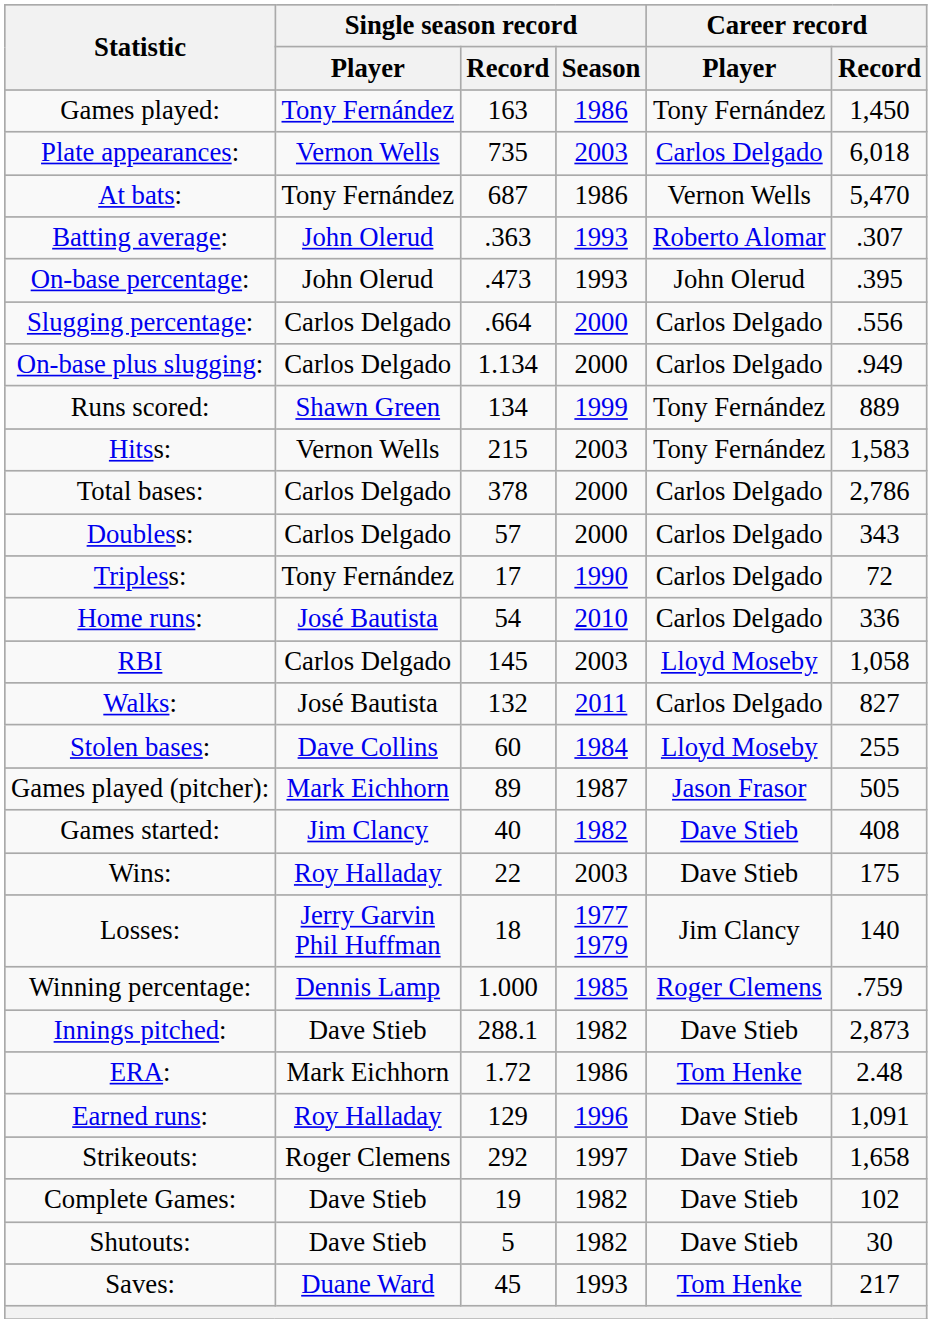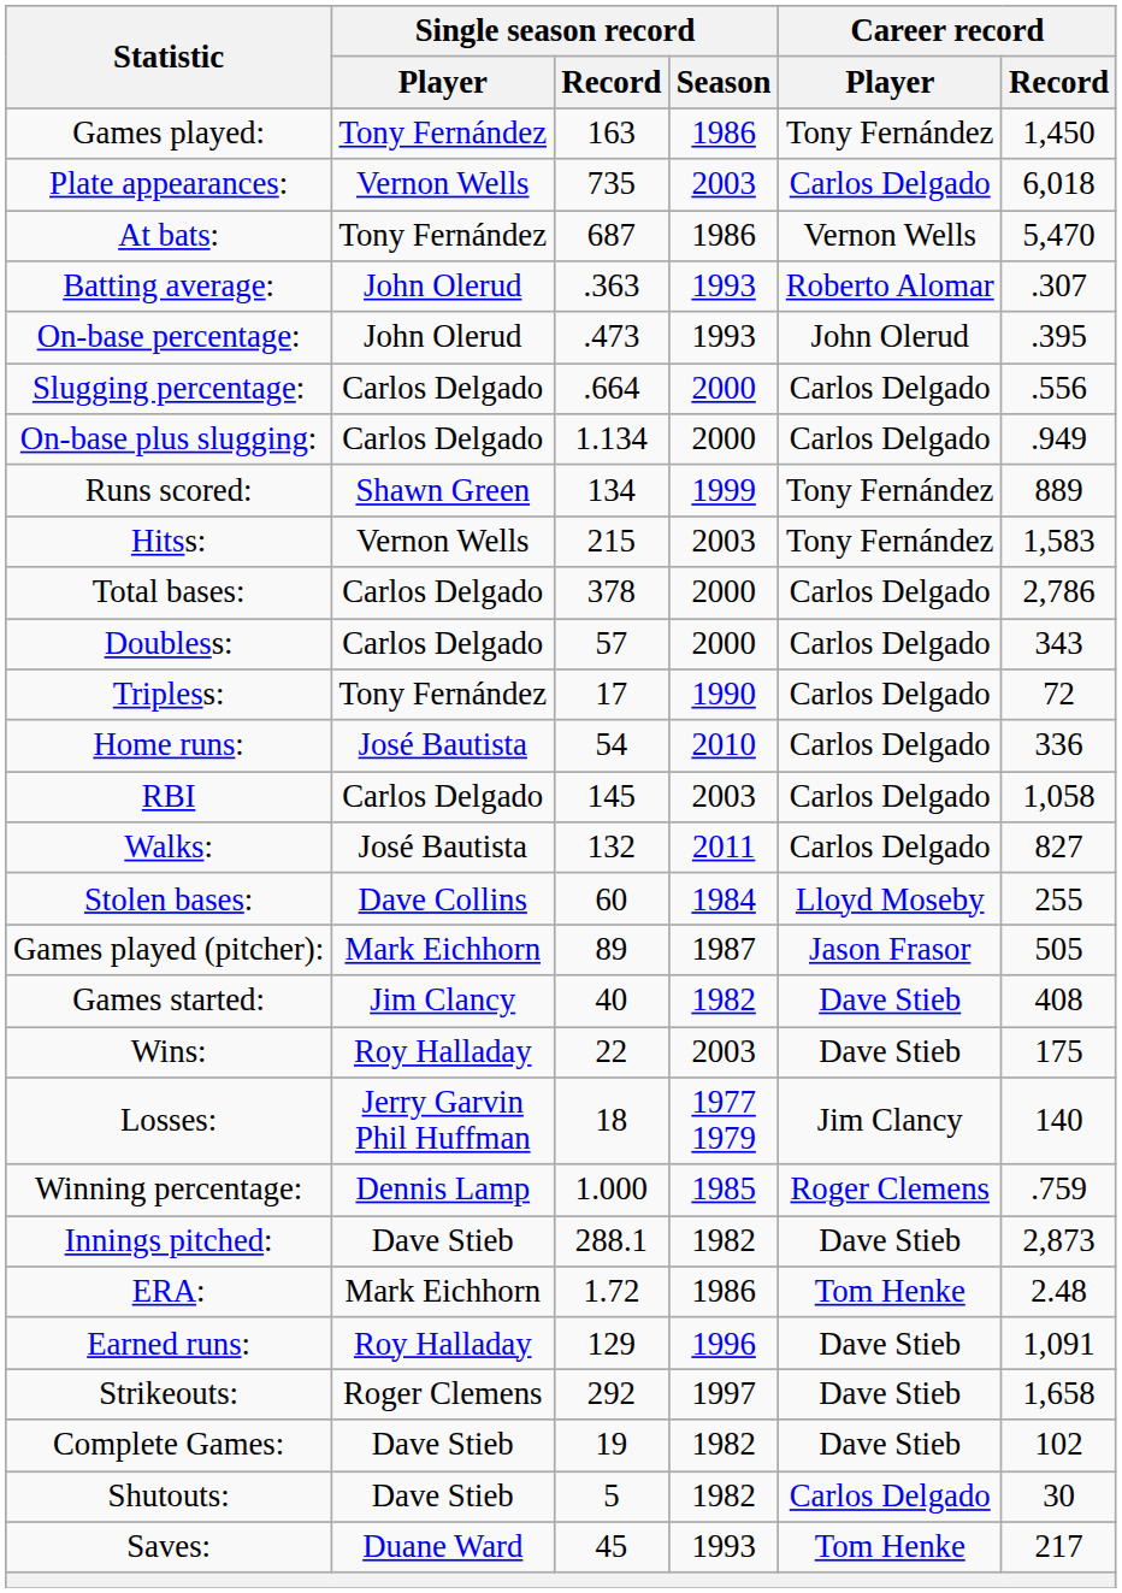 <table class="wikitable" style="text-align:center">
 <tr>
 <th rowspan="2">Statistic</th>
 <th colspan="3">Single season record</th>
 <th colspan="2">Career record</th>
 </tr>
 <tr>
 <th>Player</th>
 <th>Record</th>
 <th>Season</th>
 <th>Player</th>
 <th>Record</th>
 </tr>
 <tr>
 <td>Games played:</td>
 <td><a href='#'>Tony Fernández</a></td>
 <td>163</td>
 <td><a href='#'>1986</a></td>
 <td>Tony Fernández</td>
 <td>1,450</td>
 </tr>
 <tr>
 <td><a href='#'>Plate appearances</a>:</td>
 <td><a href='#'>Vernon Wells</a></td>
 <td>735</td>
 <td><a href='#'>2003</a></td>
 <td><a href='#'>Carlos Delgado</a></td>
 <td>6,018</td>
 </tr>
 <tr>
 <td><a href='#'>At bats</a>:</td>
 <td>Tony Fernández</td>
 <td>687</td>
 <td>1986</td>
 <td>Vernon Wells</td>
 <td>5,470</td>
 </tr>
 <tr>
 <td><a href='#'>Batting average</a>:</td>
 <td><a href='#'>John Olerud</a></td>
 <td>.363</td>
 <td><a href='#'>1993</a></td>
 <td><a href='#'>Roberto Alomar</a></td>
 <td>.307</td>
 </tr>
 <tr>
 <td><a href='#'>On-base percentage</a>:</td>
 <td>John Olerud</td>
 <td>.473</td>
 <td>1993</td>
 <td>John Olerud</td>
 <td>.395</td>
 </tr>
 <tr>
 <td><a href='#'>Slugging percentage</a>:</td>
 <td>Carlos Delgado</td>
 <td>.664</td>
 <td><a href='#'>2000</a></td>
 <td>Carlos Delgado</td>
 <td>.556</td>
 </tr>
 <tr>
 <td><a href='#'>On-base plus slugging</a>:</td>
 <td>Carlos Delgado</td>
 <td>1.134</td>
 <td>2000</td>
 <td>Carlos Delgado</td>
 <td>.949</td>
 </tr>
 <tr>
 <td>Runs scored:</td>
 <td><a href='#'>Shawn Green</a></td>
 <td>134</td>
 <td><a href='#'>1999</a></td>
 <td>Tony Fernández</td>
 <td>889</td>
 </tr>
 <tr>
 <td><a href='#'>Hits</a>s:</td>
 <td>Vernon Wells</td>
 <td>215</td>
 <td>2003</td>
 <td>Tony Fernández</td>
 <td>1,583</td>
 </tr>
 <tr>
 <td>Total bases:</td>
 <td>Carlos Delgado</td>
 <td>378</td>
 <td>2000</td>
 <td>Carlos Delgado</td>
 <td>2,786</td>
 </tr>
 <tr>
 <td><a href='#'>Doubles</a>s:</td>
 <td>Carlos Delgado</td>
 <td>57</td>
 <td>2000</td>
 <td>Carlos Delgado</td>
 <td>343</td>
 </tr>
 <tr>
 <td><a href='#'>Triples</a>s:</td>
 <td>Tony Fernández</td>
 <td>17</td>
 <td><a href='#'>1990</a></td>
 <td>Carlos Delgado</td>
 <td>72</td>
 </tr>
 <tr>
 <td><a href='#'>Home runs</a>:</td>
 <td><a href='#'>José Bautista</a></td>
 <td>54</td>
 <td><a href='#'>2010</a></td>
 <td>Carlos Delgado</td>
 <td>336</td>
 </tr>
 <tr>
 <td><a href='#'>RBI</a></td>
 <td>Carlos Delgado</td>
 <td>145</td>
 <td>2003</td>
-<td><a href='#'>Lloyd Moseby</a></td>
+<td>Carlos Delgado</td>
 <td>1,058</td>
 </tr>
 <tr>
 <td><a href='#'>Walks</a>:</td>
 <td>José Bautista</td>
 <td>132</td>
 <td><a href='#'>2011</a></td>
 <td>Carlos Delgado</td>
 <td>827</td>
 </tr>
 <tr>
 <td><a href='#'>Stolen bases</a>:</td>
 <td><a href='#'>Dave Collins</a></td>
 <td>60</td>
 <td><a href='#'>1984</a></td>
 <td><a href='#'>Lloyd Moseby</a></td>
 <td>255</td>
 </tr>
 <tr>
 <td>Games played (pitcher):</td>
 <td><a href='#'>Mark Eichhorn</a></td>
 <td>89</td>
 <td>1987</td>
 <td><a href='#'>Jason Frasor</a></td>
 <td>505</td>
 </tr>
 <tr>
 <td>Games started:</td>
 <td><a href='#'>Jim Clancy</a></td>
 <td>40</td>
 <td><a href='#'>1982</a></td>
 <td><a href='#'>Dave Stieb</a></td>
 <td>408</td>
 </tr>
 <tr>
 <td>Wins:</td>
 <td><a href='#'>Roy Halladay</a></td>
 <td>22</td>
 <td>2003</td>
 <td>Dave Stieb</td>
 <td>175</td>
 </tr>
 <tr>
 <td>Losses:</td>
 <td><a href='#'>Jerry Garvin</a><br><a href='#'>Phil Huffman</a></td>
 <td>18</td>
 <td><a href='#'>1977</a><br><a href='#'>1979</a></td>
 <td>Jim Clancy</td>
 <td>140</td>
 </tr>
 <tr>
 <td>Winning percentage:</td>
 <td><a href='#'>Dennis Lamp</a></td>
 <td>1.000</td>
 <td><a href='#'>1985</a></td>
 <td><a href='#'>Roger Clemens</a></td>
 <td>.759</td>
 </tr>
 <tr>
 <td><a href='#'>Innings pitched</a>:</td>
 <td>Dave Stieb</td>
 <td>288.1</td>
 <td>1982</td>
 <td>Dave Stieb</td>
 <td>2,873</td>
 </tr>
 <tr>
 <td><a href='#'>ERA</a>:</td>
 <td>Mark Eichhorn</td>
 <td>1.72</td>
 <td>1986</td>
 <td><a href='#'>Tom Henke</a></td>
 <td>2.48</td>
 </tr>
 <tr>
 <td><a href='#'>Earned runs</a>:</td>
 <td><a href='#'>Roy Halladay</a></td>
 <td>129</td>
 <td><a href='#'>1996</a></td>
 <td>Dave Stieb</td>
 <td>1,091</td>
 </tr>
 <tr>
 <td>Strikeouts:</td>
 <td>Roger Clemens</td>
 <td>292</td>
 <td>1997</td>
 <td>Dave Stieb</td>
 <td>1,658</td>
 </tr>
 <tr>
 <td>Complete Games:</td>
 <td>Dave Stieb</td>
 <td>19</td>
 <td>1982</td>
 <td>Dave Stieb</td>
 <td>102</td>
 </tr>
 <tr>
 <td>Shutouts:</td>
 <td>Dave Stieb</td>
 <td>5</td>
 <td>1982</td>
-<td>Dave Stieb</td>
+<td><a href='#'>Carlos Delgado</a></td>
 <td>30</td>
 </tr>
 <tr>
 <td>Saves:</td>
 <td><a href='#'>Duane Ward</a></td>
 <td>45</td>
 <td>1993</td>
 <td><a href='#'>Tom Henke</a></td>
 <td>217</td>
 </tr>
 <tr>
 <th colspan="6"></th>
 </tr>
 </table>
